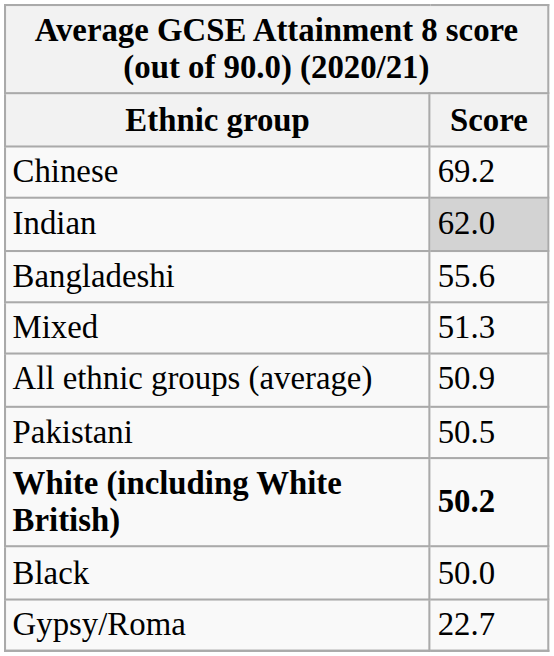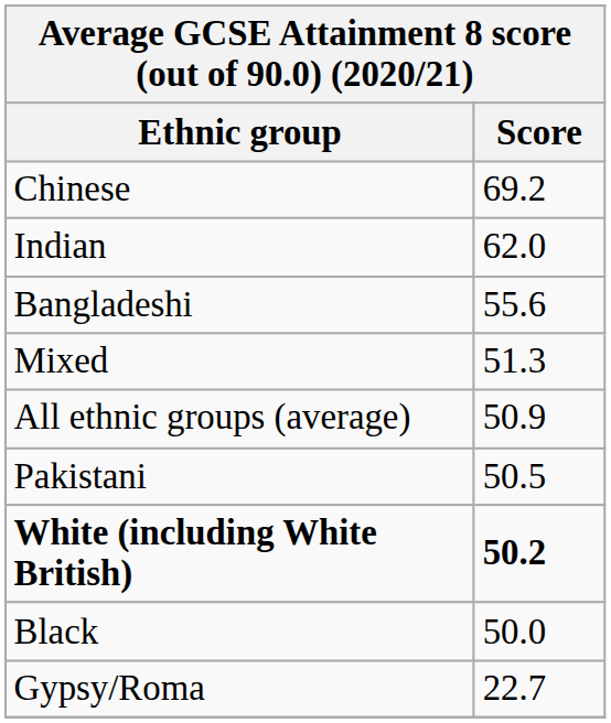 <table class="wikitable sortable">
 <tr>
 <th colspan="3">Average GCSE Attainment 8 score (out of 90.0) (2020/21)</th>
 </tr>
 <tr>
 <th width=200>Ethnic group</th>
 <th width=50>Score</th>
 </tr>
 <tr>
 <td>Chinese</td>
 <td>69.2</td>
 </tr>
 <tr>
 <td>Indian</td>
-<td style="background: lightgrey;">62.0</td>
+<td>62.0</td>
 </tr>
 <tr>
 <td>Bangladeshi</td>
 <td>55.6</td>
 </tr>
 <tr>
 <td>Mixed</td>
 <td>51.3</td>
 </tr>
 <tr>
 <td>All ethnic groups (average)</td>
 <td>50.9</td>
 </tr>
 <tr>
 <td>Pakistani</td>
 <td>50.5</td>
 </tr>
 <tr>
 <td><strong>White (including White British)</strong></td>
 <td><strong>50.2</strong></td>
 </tr>
 <tr>
 <td>Black</td>
 <td>50.0</td>
 </tr>
 <tr>
 <td>Gypsy/Roma</td>
 <td>22.7</td>
 </tr>
 <tr>
 </tr>
 </table>
